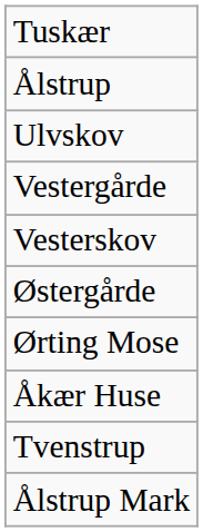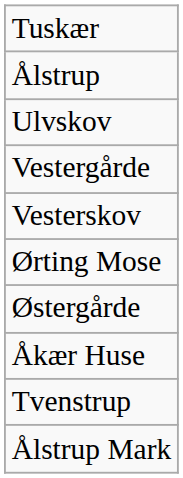 <table class="wikitable" style="float:left; margin-right:1em">
 <tr>
 <td>Tuskær</td>
 </tr>
 <tr>
 <td>Ålstrup</td>
 </tr>
 <tr>
 <td>Ulvskov</td>
 </tr>
 <tr>
 <td>Vestergårde</td>
 </tr>
 <tr>
 <td>Vesterskov</td>
 </tr>
 <tr>
-<td>Østergårde</td>
+<td>Ørting Mose</td>
 </tr>
 <tr>
-<td>Ørting Mose</td>
+<td>Østergårde</td>
 </tr>
 <tr>
 <td>Åkær Huse</td>
 </tr>
 <tr>
 <td>Tvenstrup</td>
 </tr>
 <tr>
 <td>Ålstrup Mark</td>
 </tr>
 </table>
